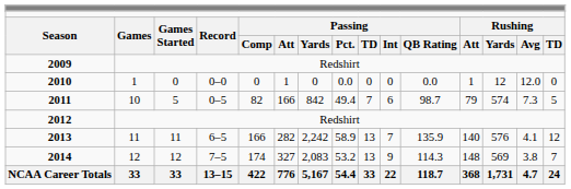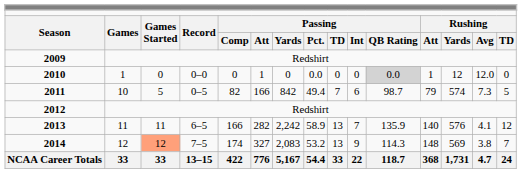 <table class=wikitable style="text-align:center;">
 <tr>
 <td ! colspan="15" style="background:gray; border:2px solid silver; color:white;"></td>
 </tr>
 <tr>
 <td ! colspan="15"></td>
 </tr>
 <tr>
 <th rowspan=2>Season</th>
 <th rowspan=2>Games</th>
 <th rowspan=2>Games<br>Started</th>
 <th rowspan=2>Record</th>
 <th colspan=7>Passing</th>
 <th colspan=4>Rushing</th>
 </tr>
 <tr>
 <th>Comp</th>
 <th>Att</th>
 <th>Yards</th>
 <th>Pct.</th>
 <th>TD</th>
 <th>Int</th>
 <th>QB Rating</th>
 <th>Att</th>
 <th>Yards</th>
 <th>Avg</th>
 <th>TD</th>
 </tr>
 <tr>
 <td><strong>2009</strong></td>
 <td colspan=14 style="text-align:center;">Redshirt</td>
 </tr>
 <tr>
 <td><strong>2010</strong></td>
 <td>1</td>
 <td>0</td>
 <td>0–0</td>
 <td>0</td>
 <td>1</td>
 <td>0</td>
 <td>0.0</td>
 <td>0</td>
 <td>0</td>
-<td>0.0</td>
+<td style="background: lightgrey;">0.0</td>
 <td>1</td>
 <td>12</td>
 <td>12.0</td>
 <td>0</td>
 </tr>
 <tr>
 <td><strong>2011</strong></td>
 <td>10</td>
 <td>5</td>
 <td>0–5</td>
 <td>82</td>
 <td>166</td>
 <td>842</td>
 <td>49.4</td>
 <td>7</td>
 <td>6</td>
 <td>98.7</td>
 <td>79</td>
 <td>574</td>
 <td>7.3</td>
 <td>5</td>
 </tr>
 <tr>
 <td><strong>2012</strong></td>
 <td colspan=14 style="text-align:center;">Redshirt</td>
 </tr>
 <tr>
 <td><strong>2013</strong></td>
 <td>11</td>
 <td>11</td>
 <td>6–5</td>
 <td>166</td>
 <td>282</td>
 <td>2,242</td>
 <td>58.9</td>
 <td>13</td>
 <td>7</td>
 <td>135.9</td>
 <td>140</td>
 <td>576</td>
 <td>4.1</td>
 <td>12</td>
 </tr>
 <tr>
 <td><strong>2014</strong></td>
 <td>12</td>
-<td>12</td>
+<td style="background: lightsalmon;">12</td>
 <td>7–5</td>
 <td>174</td>
 <td>327</td>
 <td>2,083</td>
 <td>53.2</td>
 <td>13</td>
 <td>9</td>
 <td>114.3</td>
 <td>148</td>
 <td>569</td>
 <td>3.8</td>
 <td>7</td>
 </tr>
 <tr>
 <th>NCAA Career Totals</th>
 <th>33</th>
 <th>33</th>
 <th>13–15</th>
 <th>422</th>
 <th>776</th>
 <th>5,167</th>
 <th>54.4</th>
 <th>33</th>
 <th>22</th>
 <th>118.7</th>
 <th>368</th>
 <th>1,731</th>
 <th>4.7</th>
 <th>24</th>
 </tr>
 </table>
